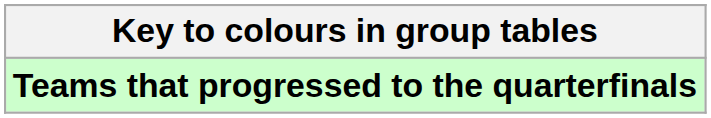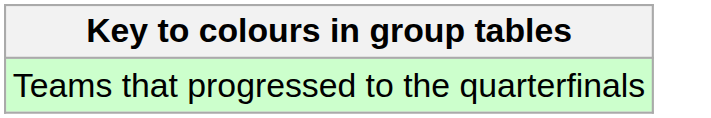 <table class="wikitable">
 <tr>
 <th>Key to colours in group tables</th>
 </tr>
 <tr bgcolor=#ccffcc>
-<td><strong>Teams that progressed to the quarterfinals</strong></td>
+<td>Teams that progressed to the quarterfinals</td>
 </tr>
 </table>
